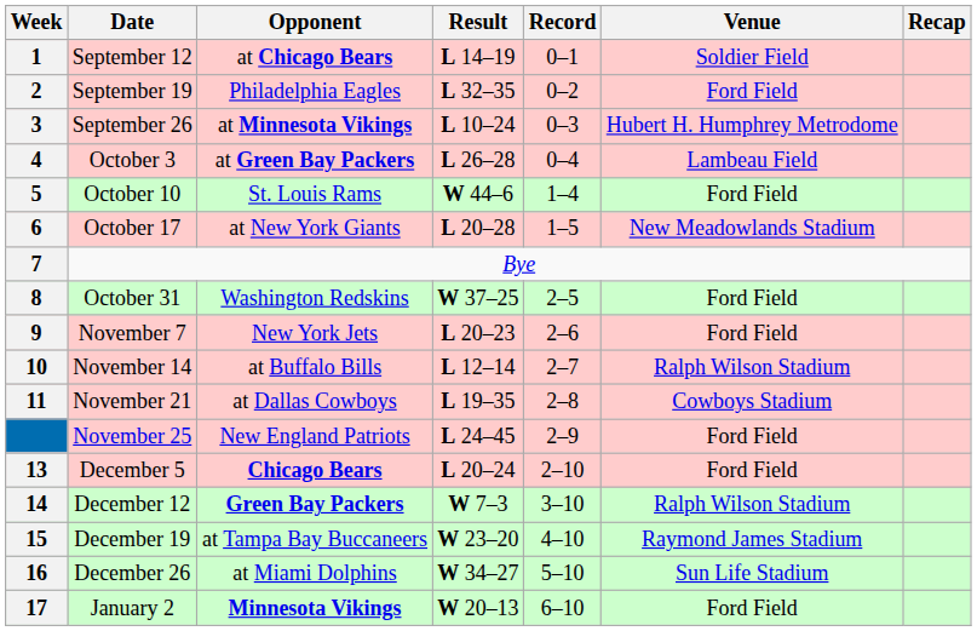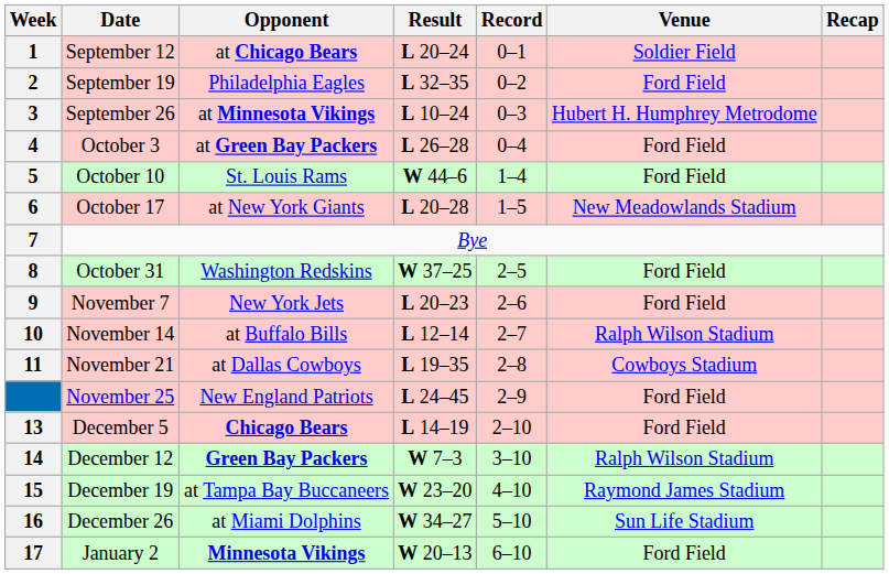 <table class="wikitable" style="text-align:center">
 <tr>
 <th>Week</th>
 <th>Date</th>
 <th>Opponent</th>
 <th>Result</th>
 <th>Record</th>
 <th>Venue</th>
 <th>Recap</th>
 </tr>
 <tr style="background:#fcc">
 <th>1</th>
 <td>September 12</td>
 <td>at <strong><a href='#'>Chicago Bears</a></strong></td>
-<td><strong>L</strong> 14–19</td>
+<td><strong>L</strong> 20–24</td>
 <td>0–1</td>
 <td><a href='#'>Soldier Field</a></td>
 <td></td>
 </tr>
 <tr style="background:#fcc">
 <th>2</th>
 <td>September 19</td>
 <td><a href='#'>Philadelphia Eagles</a></td>
 <td><strong>L</strong> 32–35</td>
 <td>0–2</td>
 <td><a href='#'>Ford Field</a></td>
 <td></td>
 </tr>
 <tr style="background:#fcc">
 <th>3</th>
 <td>September 26</td>
 <td>at <strong><a href='#'>Minnesota Vikings</a></strong></td>
 <td><strong>L</strong> 10–24</td>
 <td>0–3</td>
 <td><a href='#'>Hubert H. Humphrey Metrodome</a></td>
 <td></td>
 </tr>
 <tr style="background:#fcc">
 <th>4</th>
 <td>October 3</td>
 <td>at <strong><a href='#'>Green Bay Packers</a></strong></td>
 <td><strong>L</strong> 26–28</td>
 <td>0–4</td>
-<td><a href='#'>Lambeau Field</a></td>
+<td>Ford Field</td>
 <td></td>
 </tr>
 <tr style="background:#cfc">
 <th>5</th>
 <td>October 10</td>
 <td><a href='#'>St. Louis Rams</a></td>
 <td><strong>W</strong> 44–6</td>
 <td>1–4</td>
 <td>Ford Field</td>
 <td></td>
 </tr>
 <tr style="background:#fcc">
 <th>6</th>
 <td>October 17</td>
 <td>at <a href='#'>New York Giants</a></td>
 <td><strong>L</strong> 20–28</td>
 <td>1–5</td>
 <td><a href='#'>New Meadowlands Stadium</a></td>
 <td></td>
 </tr>
 <tr>
 <th>7</th>
 <td colspan="6"><em><a href='#'>Bye</a></em></td>
 </tr>
 <tr style="background:#cfc">
 <th>8</th>
 <td>October 31</td>
 <td><a href='#'>Washington Redskins</a></td>
 <td><strong>W</strong> 37–25</td>
 <td>2–5</td>
 <td>Ford Field</td>
 <td></td>
 </tr>
 <tr style="background:#fcc">
 <th>9</th>
 <td>November 7</td>
 <td><a href='#'>New York Jets</a></td>
 <td><strong>L</strong> 20–23 </td>
 <td>2–6</td>
 <td>Ford Field</td>
 <td></td>
 </tr>
 <tr style="background:#fcc">
 <th>10</th>
 <td>November 14</td>
 <td>at <a href='#'>Buffalo Bills</a></td>
 <td><strong>L</strong> 12–14</td>
 <td>2–7</td>
 <td><a href='#'>Ralph Wilson Stadium</a></td>
 <td></td>
 </tr>
 <tr style="background:#fcc">
 <th>11</th>
 <td>November 21</td>
 <td>at <a href='#'>Dallas Cowboys</a></td>
 <td><strong>L</strong> 19–35</td>
 <td>2–8</td>
 <td><a href='#'>Cowboys Stadium</a></td>
 <td></td>
 </tr>
 <tr style="background:#fcc">
 <th style="background:#006db0"></th>
 <td><a href='#'>November 25</a></td>
 <td><a href='#'>New England Patriots</a></td>
 <td><strong>L</strong> 24–45</td>
 <td>2–9</td>
 <td>Ford Field</td>
 <td></td>
 </tr>
 <tr style="background:#fcc">
 <th>13</th>
 <td>December 5</td>
 <td><strong><a href='#'>Chicago Bears</a></strong></td>
-<td><strong>L</strong> 20–24</td>
+<td><strong>L</strong> 14–19</td>
 <td>2–10</td>
 <td>Ford Field</td>
 <td></td>
 </tr>
 <tr style="background:#cfc">
 <th>14</th>
 <td>December 12</td>
 <td><strong><a href='#'>Green Bay Packers</a></strong></td>
 <td><strong>W</strong> 7–3</td>
 <td>3–10</td>
 <td><a href='#'>Ralph Wilson Stadium</a></td>
 <td></td>
 </tr>
 <tr style="background:#cfc">
 <th>15</th>
 <td>December 19</td>
 <td>at <a href='#'>Tampa Bay Buccaneers</a></td>
 <td><strong>W</strong> 23–20 </td>
 <td>4–10</td>
 <td><a href='#'>Raymond James Stadium</a></td>
 <td></td>
 </tr>
 <tr style="background:#cfc">
 <th>16</th>
 <td>December 26</td>
 <td>at <a href='#'>Miami Dolphins</a></td>
 <td><strong>W</strong> 34–27</td>
 <td>5–10</td>
 <td><a href='#'>Sun Life Stadium</a></td>
 <td></td>
 </tr>
 <tr style="background:#cfc">
 <th>17</th>
 <td>January 2</td>
 <td><strong><a href='#'>Minnesota Vikings</a></strong></td>
 <td><strong>W</strong> 20–13</td>
 <td>6–10</td>
 <td>Ford Field</td>
 <td></td>
 </tr>
 </table>
